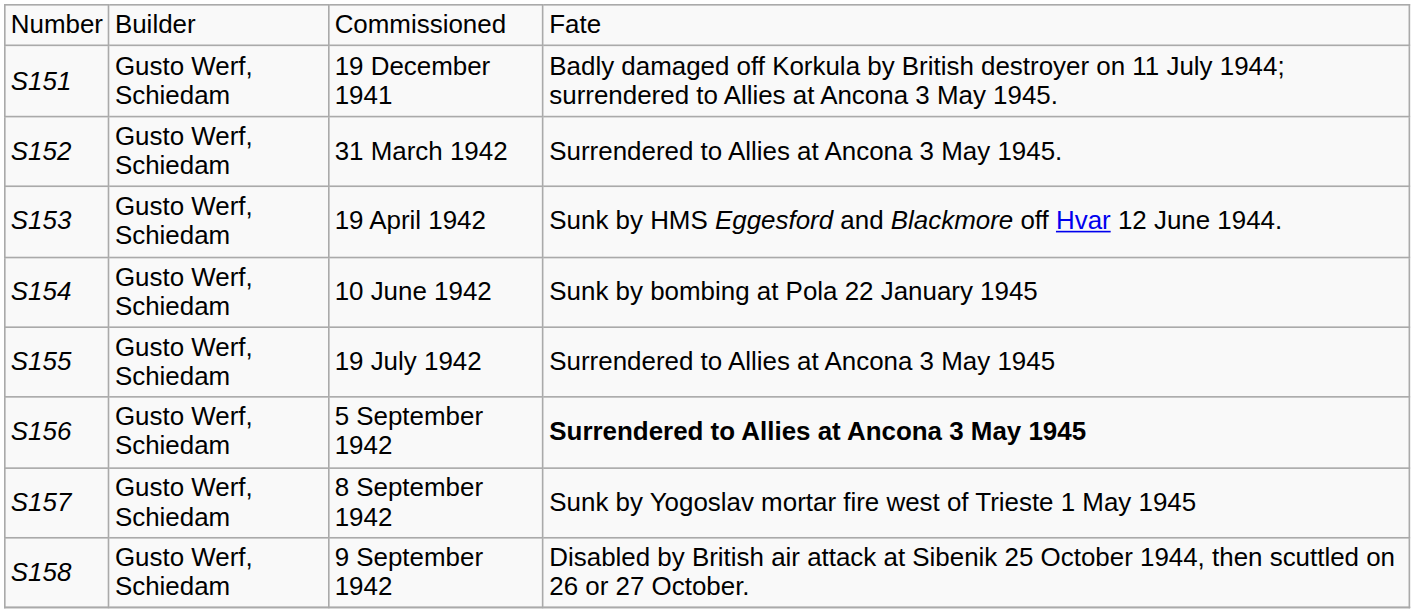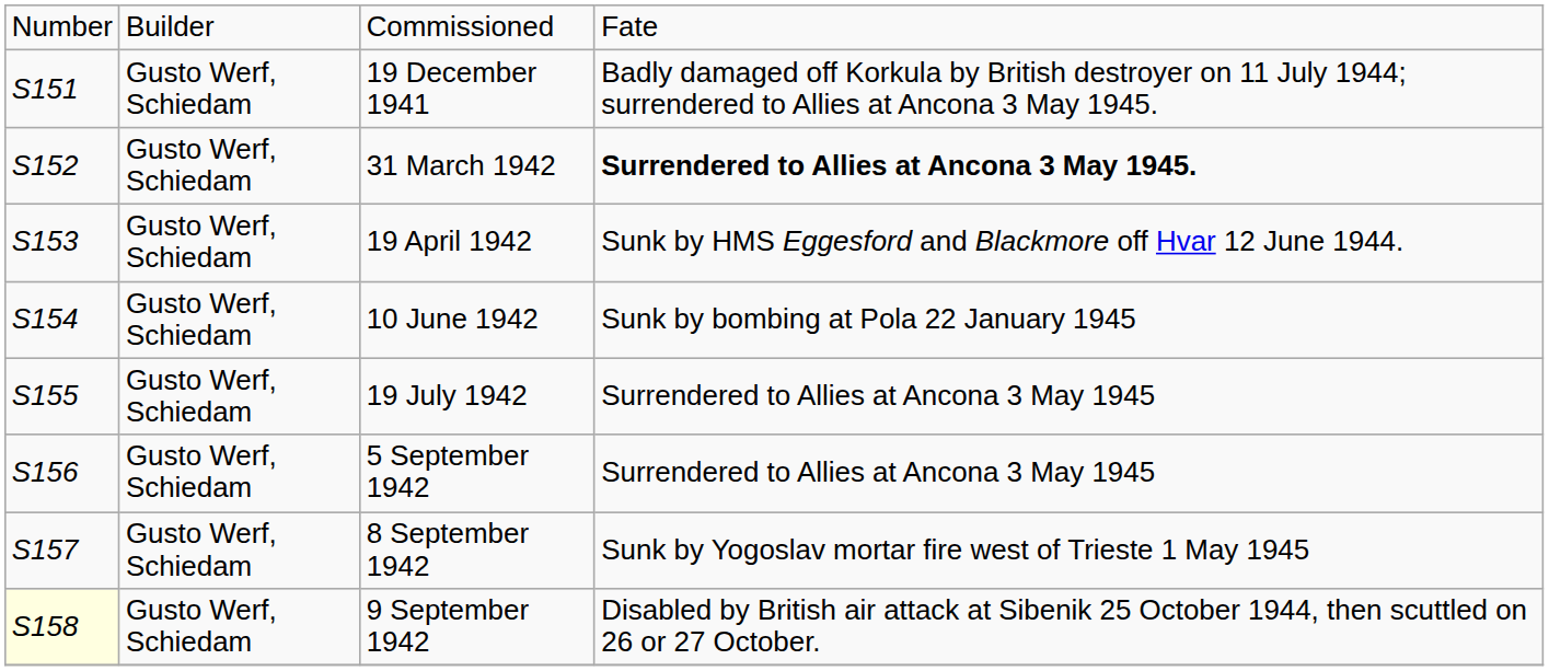 <table class="wikitable" style="text-align:left">
 <tr>
 <td>Number</td>
 <td>Builder</td>
 <td>Commissioned</td>
 <td>Fate</td>
 </tr>
 <tr>
 <td><em>S151</em></td>
 <td>Gusto Werf, Schiedam</td>
 <td>19 December 1941</td>
 <td>Badly damaged off Korkula by British destroyer on 11 July 1944; surrendered to Allies at Ancona 3 May 1945.</td>
 </tr>
 <tr>
 <td><em>S152</em></td>
 <td>Gusto Werf, Schiedam</td>
 <td>31 March 1942</td>
-<td>Surrendered to Allies at Ancona 3 May 1945.</td>
+<td><strong>Surrendered to Allies at Ancona 3 May 1945.</strong></td>
 </tr>
 <tr>
 <td><em>S153</em></td>
 <td>Gusto Werf, Schiedam</td>
 <td>19 April 1942</td>
 <td>Sunk by HMS <em>Eggesford</em> and <em>Blackmore</em> off <a href='#'>Hvar</a> 12 June 1944.</td>
 </tr>
 <tr>
 <td><em>S154</em></td>
 <td>Gusto Werf, Schiedam</td>
 <td>10 June 1942</td>
 <td>Sunk by bombing at Pola 22 January 1945</td>
 </tr>
 <tr>
 <td><em>S155</em></td>
 <td>Gusto Werf, Schiedam</td>
 <td>19 July 1942</td>
 <td>Surrendered to Allies at Ancona 3 May 1945</td>
 </tr>
 <tr>
 <td><em>S156</em></td>
 <td>Gusto Werf, Schiedam</td>
 <td>5 September 1942</td>
-<td><strong>Surrendered to Allies at Ancona 3 May 1945</strong></td>
+<td>Surrendered to Allies at Ancona 3 May 1945</td>
 </tr>
 <tr>
 <td><em>S157</em></td>
 <td>Gusto Werf, Schiedam</td>
 <td>8 September 1942</td>
 <td>Sunk by Yogoslav mortar fire west of Trieste 1 May 1945</td>
 </tr>
 <tr>
-<td><em>S158</em></td>
+<td style="background: lightyellow;"><em>S158</em></td>
 <td>Gusto Werf, Schiedam</td>
 <td>9 September 1942</td>
 <td>Disabled by British air attack at Sibenik 25 October 1944, then scuttled on 26 or 27 October.</td>
 </tr>
 <tr>
 </tr>
 </table>
